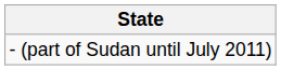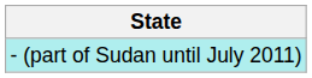 <table class="wikitable">
 <tr>
 <th>State</th>
 </tr>
 <tr>
-<td> - (part of Sudan until July 2011)</td>
+<td style="background: paleturquoise;"> - (part of Sudan until July 2011)</td>
 </tr>
 </table>
